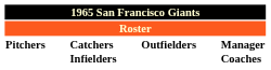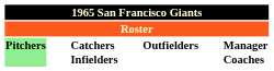 <table class="toccolours" style="font-size: 95%;">
 <tr>
 <th colspan="10" style="background-color: black; color: #FFFDD0; text-align: center;">1965 San Francisco Giants</th>
 </tr>
 <tr>
 <td colspan="10" style="background-color: #fd5a1e; color: #FFFDD0; text-align: center;"><strong>Roster</strong></td>
 </tr>
 <tr>
-<td valign="top"><strong>Pitchers</strong><br>              </td>
+<td valign="top" style="background: lightgreen;"><strong>Pitchers</strong><br>              </td>
 <td width="25px"></td>
 <td valign="top"><strong>Catchers</strong><br>      <strong>Infielders</strong>           </td>
 <td width="25px"></td>
 <td valign="top"><strong>Outfielders</strong><br>       </td>
 <td width="25px"></td>
 <td valign="top"><strong>Manager</strong><br> <strong>Coaches</strong>   </td>
 </tr>
 <tr>
 </tr>
 </table>
